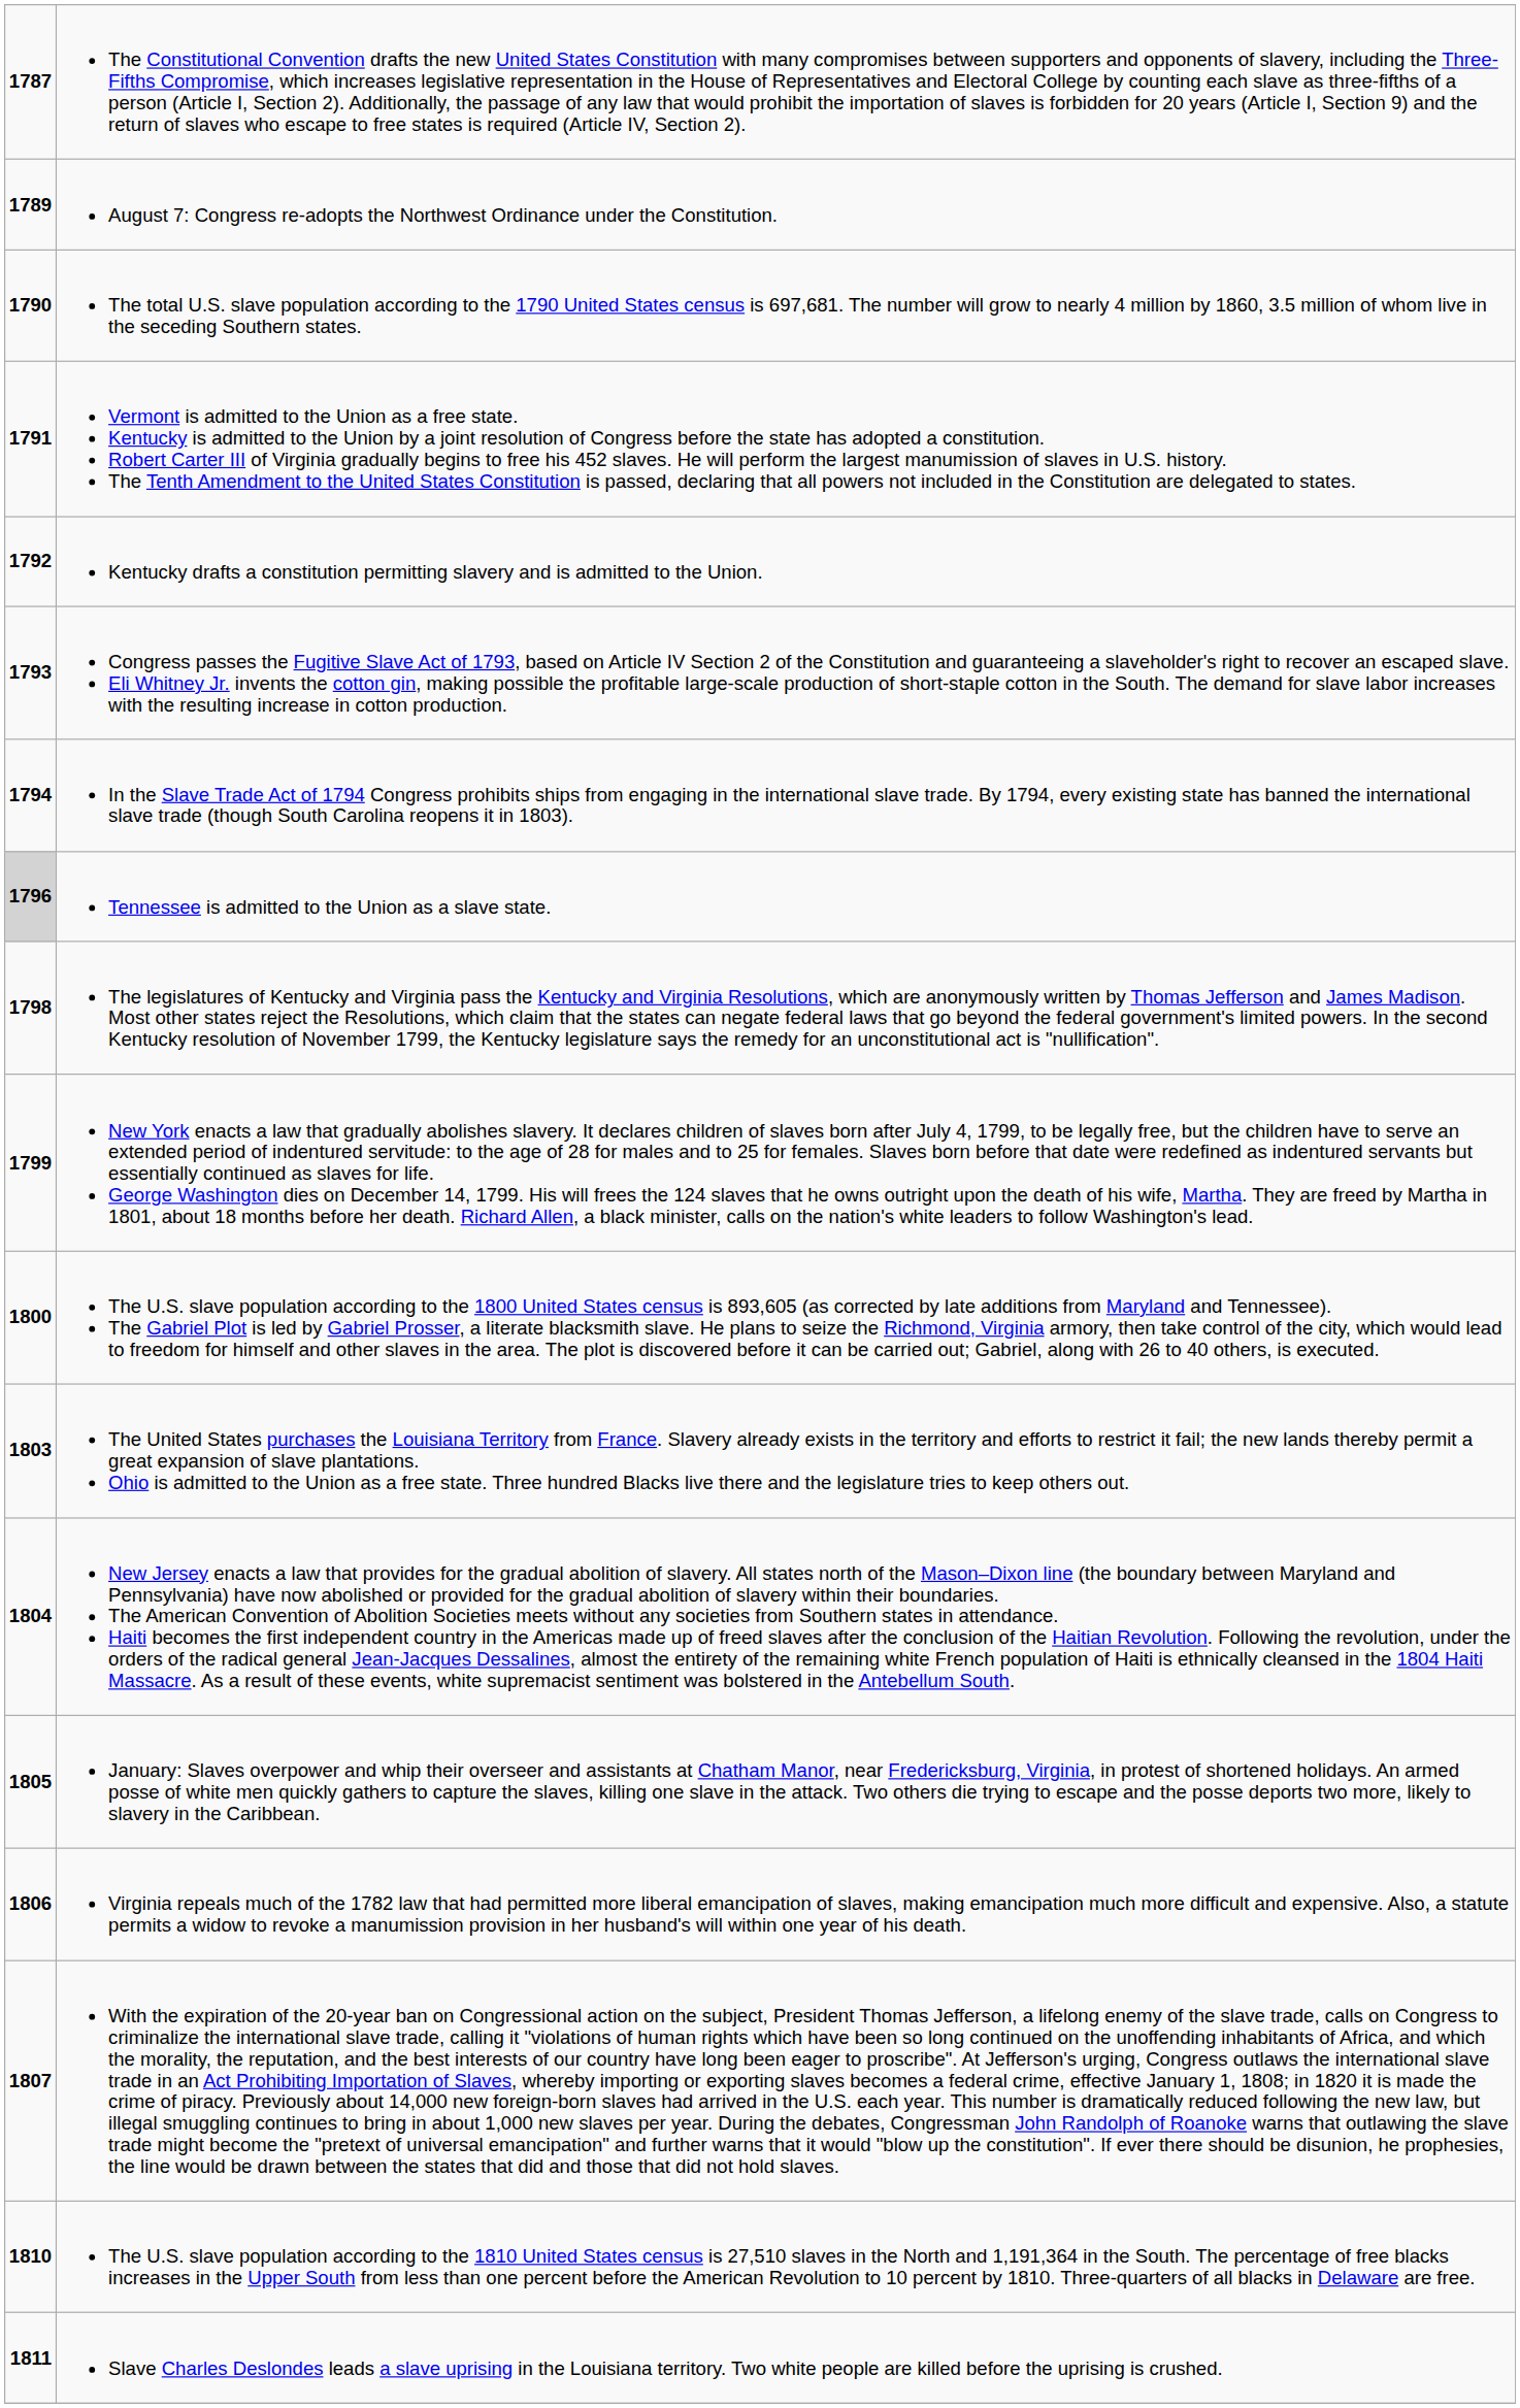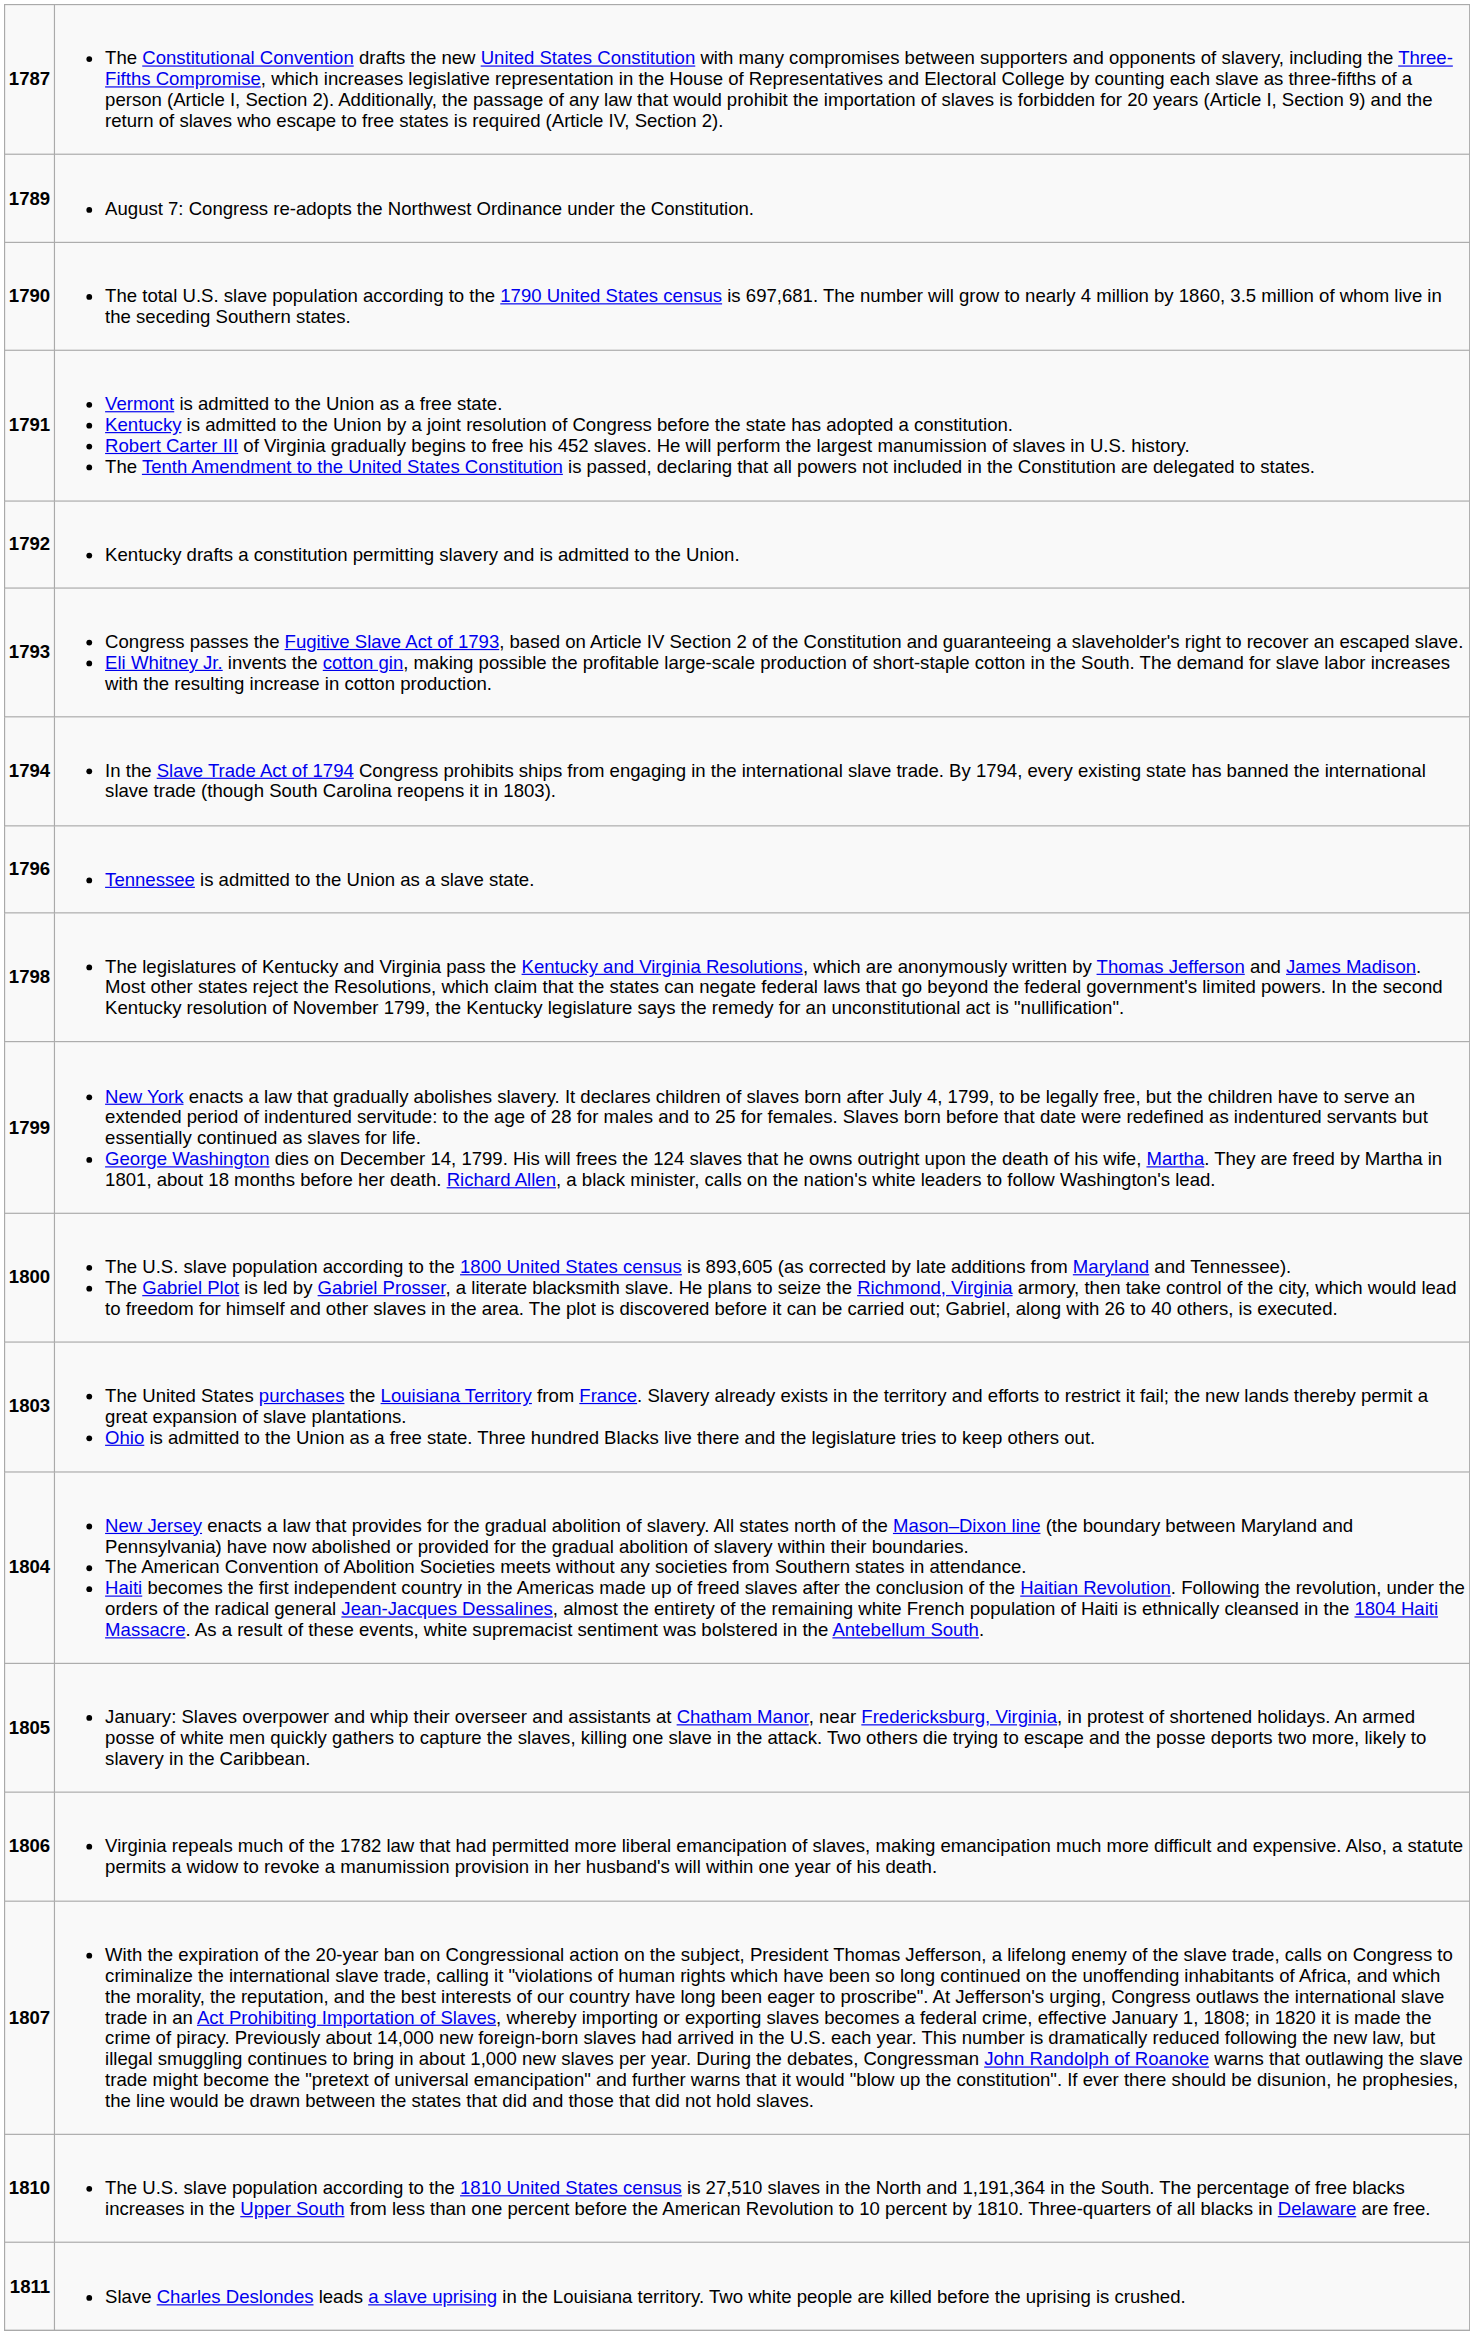 <table class="wikitable" width="100%" border=1 cellpadding=5 cellspacing=0>
 <tr>
 <td valign=center align=right><strong>1787</strong></td>
 <td><br><ul><li>The <a href='#'>Constitutional Convention</a> drafts the new <a href='#'>United States Constitution</a> with many compromises between supporters and opponents of slavery, including the <a href='#'>Three-Fifths Compromise</a>, which increases legislative representation in the House of Representatives and Electoral College by counting each slave as three-fifths of a person (Article I, Section 2). Additionally, the passage of any law that would prohibit the importation of slaves is forbidden for 20 years (Article I, Section 9) and the return of slaves who escape to free states is required (Article IV, Section 2).</li></ul></td>
 </tr>
 <tr>
 <td valign=center align=right><strong>1789</strong></td>
 <td><br><ul><li>August 7: Congress re-adopts the Northwest Ordinance under the Constitution.</li></ul></td>
 </tr>
 <tr>
 <td valign=center align=right><strong>1790</strong></td>
 <td><br><ul><li>The total U.S. slave population according to the <a href='#'>1790 United States census</a> is 697,681. The number will grow to nearly 4 million by 1860, 3.5 million of whom live in the seceding Southern states.</li></ul></td>
 </tr>
 <tr>
 <td valign=center align=right><strong>1791</strong></td>
 <td><br><ul><li><a href='#'>Vermont</a> is admitted to the Union as a free state.</li><li><a href='#'>Kentucky</a> is admitted to the Union by a joint resolution of Congress before the state has adopted a constitution.</li><li><a href='#'>Robert Carter III</a> of Virginia gradually begins to free his 452 slaves. He will perform the largest manumission of slaves in U.S. history.</li><li>The <a href='#'>Tenth Amendment to the United States Constitution</a> is passed, declaring that all powers not included in the Constitution are delegated to states.</li></ul></td>
 </tr>
 <tr>
 <td valign=center align=right><strong>1792</strong></td>
 <td><br><ul><li>Kentucky drafts a constitution permitting slavery and is admitted to the Union.</li></ul></td>
 </tr>
 <tr>
 <td valign=center align=right><strong>1793</strong></td>
 <td><br><ul><li>Congress passes the <a href='#'>Fugitive Slave Act of 1793</a>, based on Article IV Section 2 of the Constitution and guaranteeing a slaveholder's right to recover an escaped slave.</li><li><a href='#'>Eli Whitney Jr.</a> invents the <a href='#'>cotton gin</a>, making possible the profitable large-scale production of short-staple cotton in the South. The demand for slave labor increases with the resulting increase in cotton production.</li></ul></td>
 </tr>
 <tr>
 <td valign=center align=right><strong>1794</strong></td>
 <td><br><ul><li>In the <a href='#'>Slave Trade Act of 1794</a> Congress prohibits ships from engaging in the international slave trade. By 1794, every existing state has banned the international slave trade (though South Carolina reopens it in 1803).</li></ul></td>
 </tr>
 <tr>
-<td valign=center align=right style="background: lightgrey;"><strong>1796</strong></td>
+<td valign=center align=right><strong>1796</strong></td>
 <td><br><ul><li><a href='#'>Tennessee</a> is admitted to the Union as a slave state.</li></ul></td>
 </tr>
 <tr>
 <td valign=center align=right><strong>1798</strong></td>
 <td><br><ul><li>The legislatures of Kentucky and Virginia pass the <a href='#'>Kentucky and Virginia Resolutions</a>, which are anonymously written by <a href='#'>Thomas Jefferson</a> and <a href='#'>James Madison</a>. Most other states reject the Resolutions, which claim that the states can negate federal laws that go beyond the federal government's limited powers. In the second Kentucky resolution of November 1799, the Kentucky legislature says the remedy for an unconstitutional act is "nullification".</li></ul></td>
 </tr>
 <tr>
 <td valign=center align=right><strong>1799</strong></td>
 <td><br><ul><li><a href='#'>New York</a> enacts a law that gradually abolishes slavery. It declares children of slaves born after July 4, 1799, to be legally free, but the children have to serve an extended period of indentured servitude: to the age of 28 for males and to 25 for females. Slaves born before that date were redefined as indentured servants but essentially continued as slaves for life.</li><li><a href='#'>George Washington</a> dies on December 14, 1799. His will frees the 124 slaves that he owns outright upon the death of his wife, <a href='#'>Martha</a>. They are freed by Martha in 1801, about 18 months before her death. <a href='#'>Richard Allen</a>, a black minister, calls on the nation's white leaders to follow Washington's lead.</li></ul></td>
 </tr>
 <tr>
 <td valign=center align=right><strong>1800</strong></td>
 <td><br><ul><li>The U.S. slave population according to the <a href='#'>1800 United States census</a> is 893,605 (as corrected by late additions from <a href='#'>Maryland</a> and Tennessee).</li><li>The <a href='#'>Gabriel Plot</a> is led by <a href='#'>Gabriel Prosser</a>, a literate blacksmith slave. He plans to seize the <a href='#'>Richmond, Virginia</a> armory, then take control of the city, which would lead to freedom for himself and other slaves in the area. The plot is discovered before it can be carried out; Gabriel, along with 26 to 40 others, is executed.</li></ul></td>
 </tr>
 <tr>
 <td valign=center align=right><strong>1803</strong></td>
 <td><br><ul><li>The United States <a href='#'>purchases</a> the <a href='#'>Louisiana Territory</a> from <a href='#'>France</a>. Slavery already exists in the territory and efforts to restrict it fail; the new lands thereby permit a great expansion of slave plantations.</li><li><a href='#'>Ohio</a> is admitted to the Union as a free state. Three hundred Blacks live there and the legislature tries to keep others out.</li></ul></td>
 </tr>
 <tr>
 <td valign=center align=right><strong>1804</strong></td>
 <td><br><ul><li><a href='#'>New Jersey</a> enacts a law that provides for the gradual abolition of slavery. All states north of the <a href='#'>Mason–Dixon line</a> (the boundary between Maryland and Pennsylvania) have now abolished or provided for the gradual abolition of slavery within their boundaries.</li><li>The American Convention of Abolition Societies meets without any societies from Southern states in attendance.</li><li><a href='#'>Haiti</a> becomes the first independent country in the Americas made up of freed slaves after the conclusion of the <a href='#'>Haitian Revolution</a>. Following the revolution, under the orders of the radical general <a href='#'>Jean-Jacques Dessalines</a>, almost the entirety of the remaining white French population of Haiti is ethnically cleansed in the <a href='#'>1804 Haiti Massacre</a>. As a result of these events, white supremacist sentiment was bolstered in the <a href='#'>Antebellum South</a>.</li></ul></td>
 </tr>
 <tr>
 <td valign=center align=right><strong>1805</strong></td>
 <td><br><ul><li>January: Slaves overpower and whip their overseer and assistants at <a href='#'>Chatham Manor</a>, near <a href='#'>Fredericksburg, Virginia</a>, in protest of shortened holidays. An armed posse of white men quickly gathers to capture the slaves, killing one slave in the attack. Two others die trying to escape and the posse deports two more, likely to slavery in the Caribbean.</li></ul></td>
 </tr>
 <tr>
 <td valign=center align=right><strong>1806</strong></td>
 <td><br><ul><li>Virginia repeals much of the 1782 law that had permitted more liberal emancipation of slaves, making emancipation much more difficult and expensive. Also, a statute permits a widow to revoke a manumission provision in her husband's will within one year of his death.</li></ul></td>
 </tr>
 <tr>
 <td valign=center align=right><strong>1807</strong></td>
 <td><br><ul><li>With the expiration of the 20-year ban on Congressional action on the subject, President Thomas Jefferson, a lifelong enemy of the slave trade, calls on Congress to criminalize the international slave trade, calling it "violations of human rights which have been so long continued on the unoffending inhabitants of Africa, and which the morality, the reputation, and the best interests of our country have long been eager to proscribe". At Jefferson's urging, Congress outlaws the international slave trade in an <a href='#'>Act Prohibiting Importation of Slaves</a>, whereby importing or exporting slaves becomes a federal crime, effective January 1, 1808; in 1820 it is made the crime of piracy. Previously about 14,000 new foreign-born slaves had arrived in the U.S. each year. This number is dramatically reduced following the new law, but illegal smuggling continues to bring in about 1,000 new slaves per year. During the debates, Congressman <a href='#'>John Randolph of Roanoke</a> warns that outlawing the slave trade might become the "pretext of universal emancipation" and further warns that it would "blow up the constitution". If ever there should be disunion, he prophesies, the line would be drawn between the states that did and those that did not hold slaves.</li></ul></td>
 </tr>
 <tr>
 <td valign=center align=right><strong>1810</strong></td>
 <td><br><ul><li>The U.S. slave population according to the <a href='#'>1810 United States census</a> is 27,510 slaves in the North and 1,191,364 in the South. The percentage of free blacks increases in the <a href='#'>Upper South</a> from less than one percent before the American Revolution to 10 percent by 1810. Three-quarters of all blacks in <a href='#'>Delaware</a> are free.</li></ul></td>
 </tr>
 <tr>
 <td valign=center align=right><strong>1811</strong></td>
 <td><br><ul><li>Slave <a href='#'>Charles Deslondes</a> leads <a href='#'>a slave uprising</a> in the Louisiana territory. Two white people are killed before the uprising is crushed.</li></ul></td>
 </tr>
 <tr>
 </tr>
 </table>
